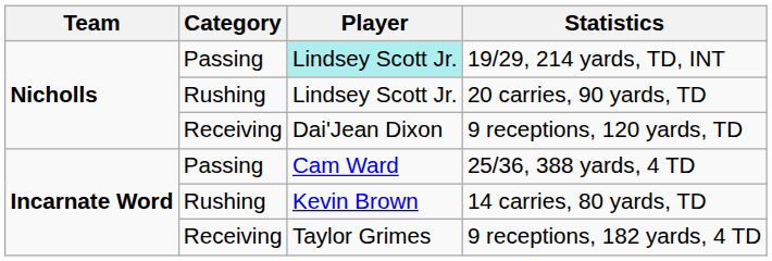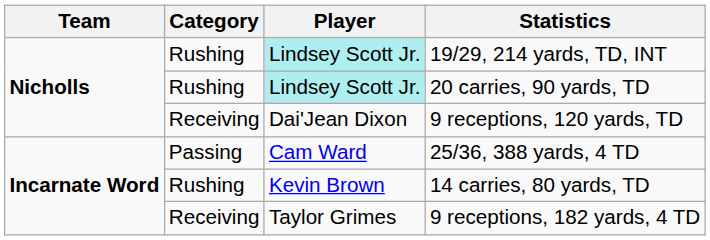 <table class="wikitable" style="float: left;">
 <tr>
 <th>Team</th>
 <th>Category</th>
 <th>Player</th>
 <th>Statistics</th>
 </tr>
 <tr>
 <td rowspan=3><strong>Nicholls</strong></td>
-<td>Passing</td>
+<td>Rushing</td>
 <td style="background: paleturquoise;">Lindsey Scott Jr.</td>
 <td>19/29, 214 yards, TD, INT</td>
 </tr>
 <tr>
 <td>Rushing</td>
-<td>Lindsey Scott Jr.</td>
+<td style="background: paleturquoise;">Lindsey Scott Jr.</td>
 <td>20 carries, 90 yards, TD</td>
 </tr>
 <tr>
 <td>Receiving</td>
 <td>Dai'Jean Dixon</td>
 <td>9 receptions, 120 yards, TD</td>
 </tr>
 <tr>
 <td rowspan=3><strong>Incarnate Word</strong></td>
 <td>Passing</td>
 <td><a href='#'>Cam Ward</a></td>
 <td>25/36, 388 yards, 4 TD</td>
 </tr>
 <tr>
 <td>Rushing</td>
 <td><a href='#'>Kevin Brown</a></td>
 <td>14 carries, 80 yards, TD</td>
 </tr>
 <tr>
 <td>Receiving</td>
 <td>Taylor Grimes</td>
 <td>9 receptions, 182 yards, 4 TD</td>
 </tr>
 </table>
